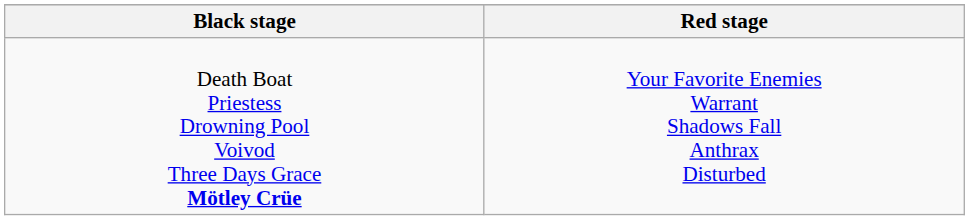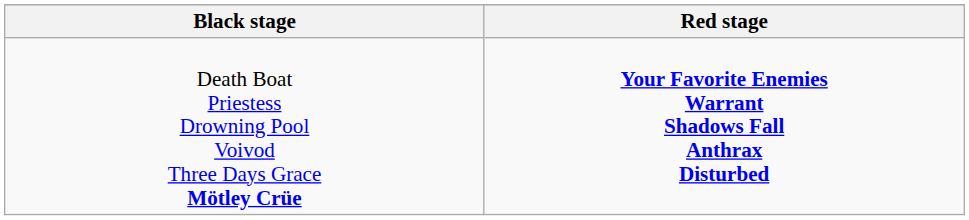 <table class="wikitable">
 <tr>
 </tr>
 <tr>
 <th>Black stage</th>
 <th>Red stage</th>
 </tr>
 <tr>
 <td style="text-align:center; vertical-align:top; width:356px;"><br>Death Boat<br> <a href='#'>Priestess</a><br> <a href='#'>Drowning Pool</a><br> <a href='#'>Voivod</a><br> <a href='#'>Three Days Grace</a><br> <strong><a href='#'>Mötley Crüe</a></strong></td>
-<td style="text-align:center; vertical-align:top; width:356px;"><br><a href='#'>Your Favorite Enemies</a><br> <a href='#'>Warrant</a><br> <a href='#'>Shadows Fall</a><br> <a href='#'>Anthrax</a><br> <a href='#'>Disturbed</a></td>
+<td style="text-align:center; vertical-align:top; width:356px;"><strong><br><a href='#'>Your Favorite Enemies</a><br> <a href='#'>Warrant</a><br> <a href='#'>Shadows Fall</a><br> <a href='#'>Anthrax</a><br> <a href='#'>Disturbed</a></strong></td>
 </tr>
 </table>
